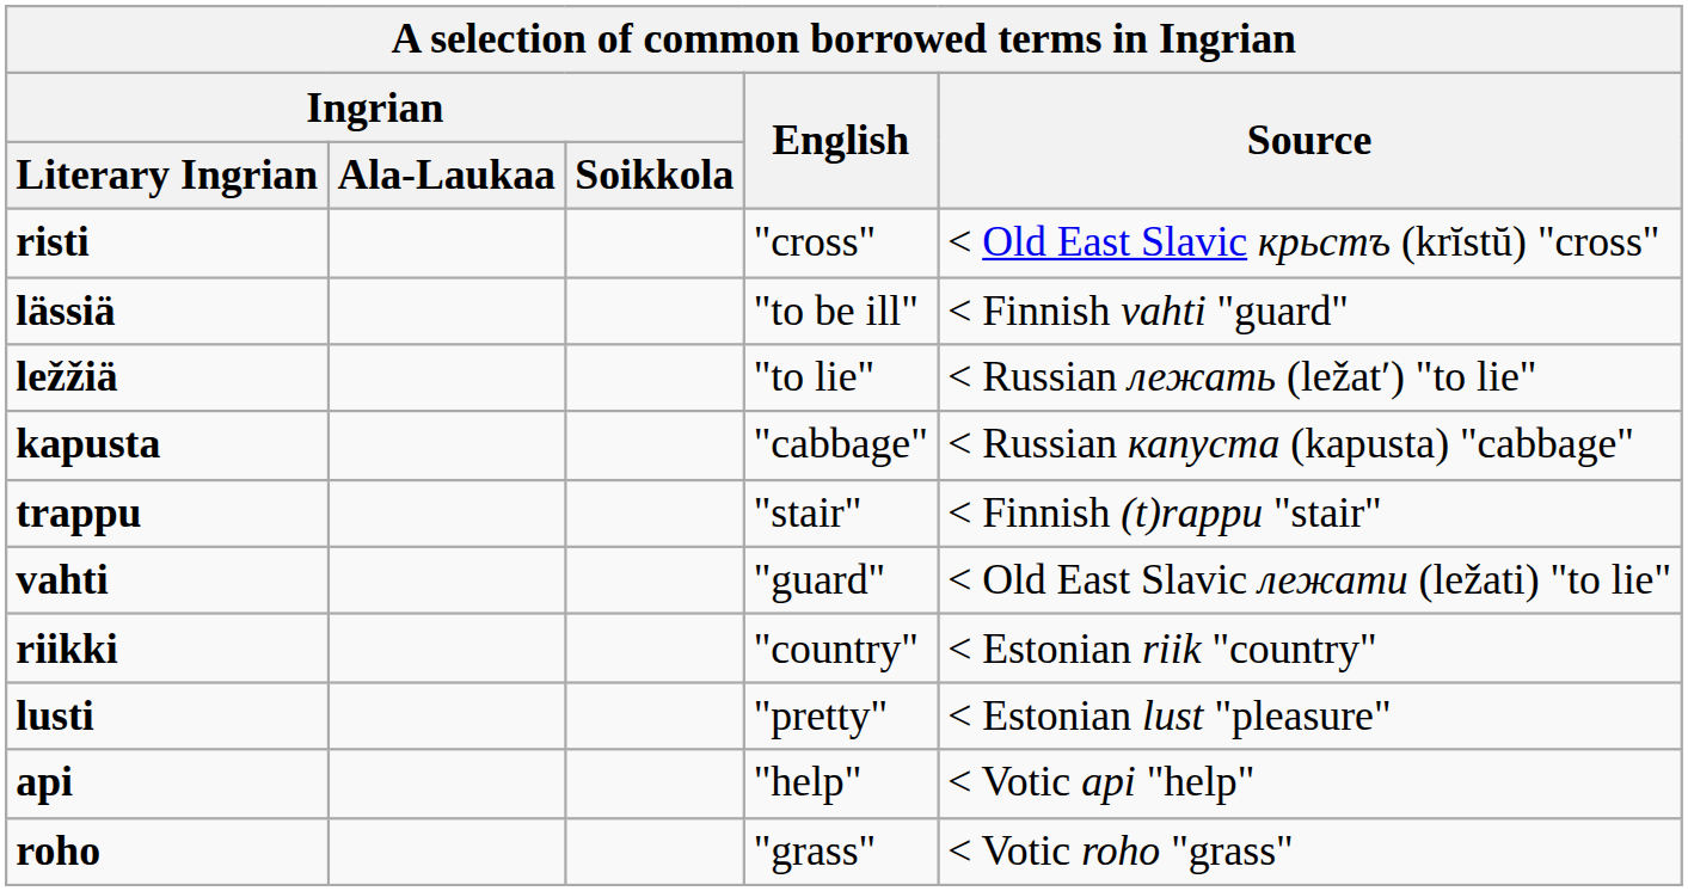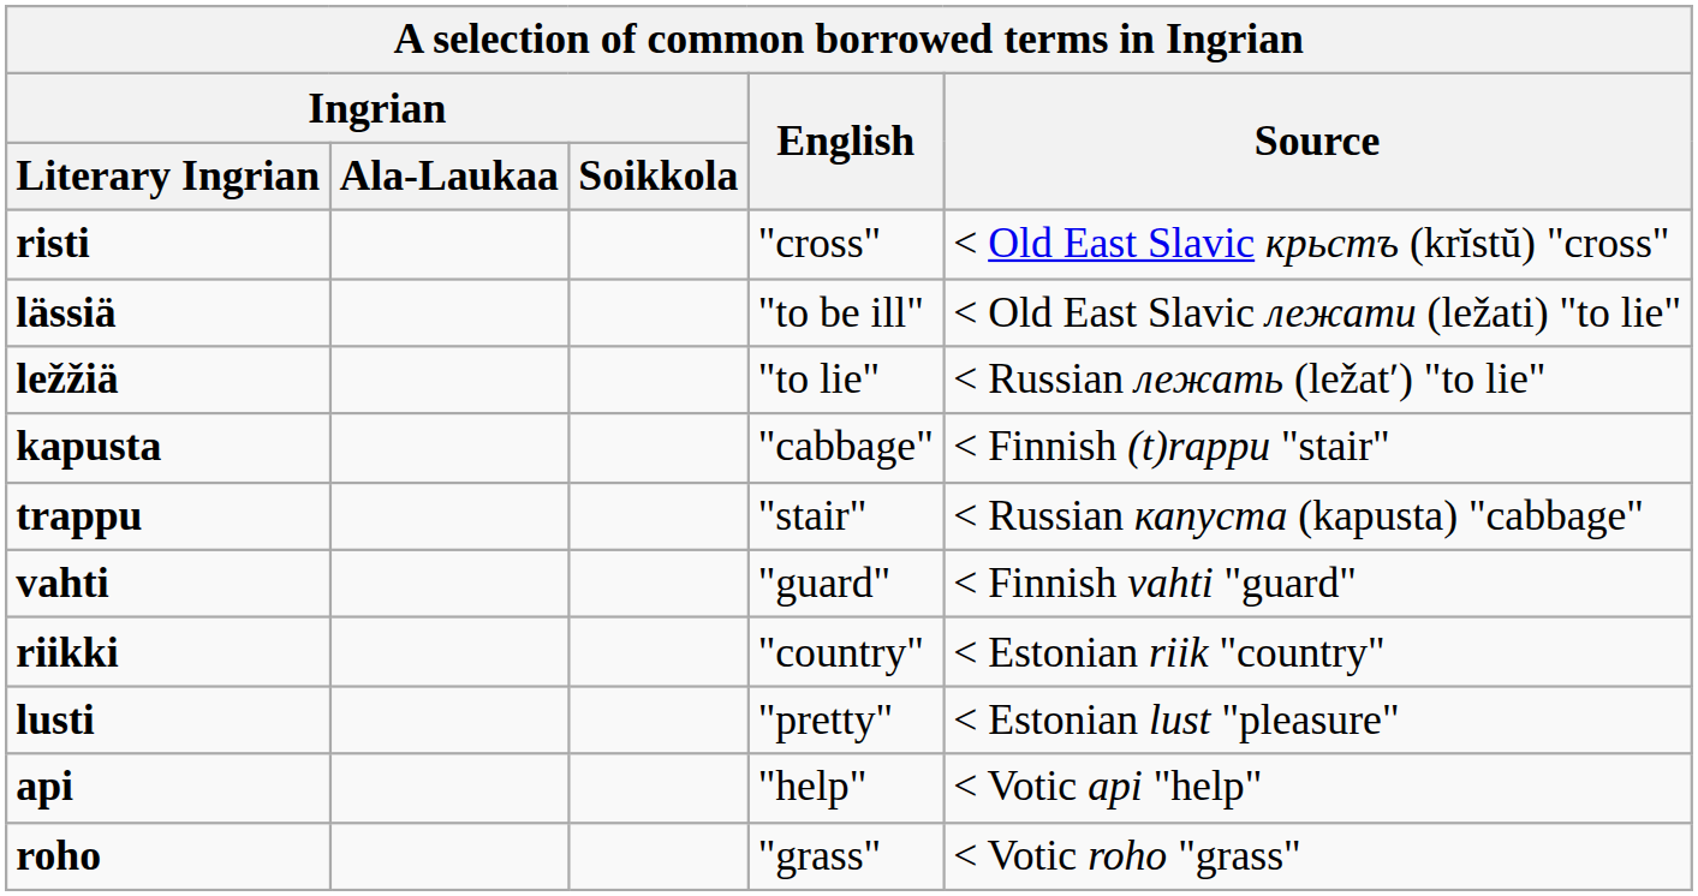 <table class="mw-collapsible mw-collapsed wikitable">
 <tr>
 <th colspan="7">A selection of common borrowed terms in Ingrian</th>
 </tr>
 <tr>
 <th colspan=3>Ingrian</th>
 <th rowspan=2>English</th>
 <th rowspan=2>Source</th>
 </tr>
 <tr>
 <th>Literary Ingrian</th>
 <th>Ala-Laukaa</th>
 <th>Soikkola</th>
 </tr>
 <tr>
 <td><strong>risti</strong></td>
 <td></td>
 <td></td>
 <td>"cross"</td>
 <td>< <a href='#'>Old East Slavic</a> <em>крьстъ</em> (krĭstŭ) "cross"</td>
 </tr>
 <tr>
 <td><strong>lässiä</strong></td>
 <td></td>
 <td></td>
 <td>"to be ill"</td>
-<td>< Finnish <em>vahti</em> "guard"</td>
+<td>< Old East Slavic <em>лежати</em> (ležati) "to lie"</td>
 </tr>
 <tr>
 <td><strong>ležžiä</strong></td>
 <td></td>
 <td></td>
 <td>"to lie"</td>
 <td>< Russian <em>лежать</em> (ležatʹ) "to lie"</td>
 </tr>
 <tr>
 <td><strong>kapusta</strong></td>
 <td></td>
 <td></td>
 <td>"cabbage"</td>
-<td>< Russian <em>капуста</em> (kapusta) "cabbage"</td>
+<td>< Finnish <em>(t)rappu</em> "stair"</td>
 </tr>
 <tr>
 <td><strong>trappu</strong></td>
 <td></td>
 <td></td>
 <td>"stair"</td>
-<td>< Finnish <em>(t)rappu</em> "stair"</td>
+<td>< Russian <em>капуста</em> (kapusta) "cabbage"</td>
 </tr>
 <tr>
 <td><strong>vahti</strong></td>
 <td></td>
 <td></td>
 <td>"guard"</td>
-<td>< Old East Slavic <em>лежати</em> (ležati) "to lie"</td>
+<td>< Finnish <em>vahti</em> "guard"</td>
 </tr>
 <tr>
 <td><strong>riikki</strong></td>
 <td></td>
 <td></td>
 <td>"country"</td>
 <td>< Estonian <em>riik</em> "country"</td>
 </tr>
 <tr>
 <td><strong>lusti</strong></td>
 <td></td>
 <td></td>
 <td>"pretty"</td>
 <td>< Estonian <em>lust</em> "pleasure"</td>
 </tr>
 <tr>
 <td><strong>api</strong></td>
 <td></td>
 <td></td>
 <td>"help"</td>
 <td>< Votic <em>api</em> "help"</td>
 </tr>
 <tr>
 <td><strong>roho</strong></td>
 <td></td>
 <td></td>
 <td>"grass"</td>
 <td>< Votic <em>roho</em> "grass"</td>
 </tr>
 </table>
